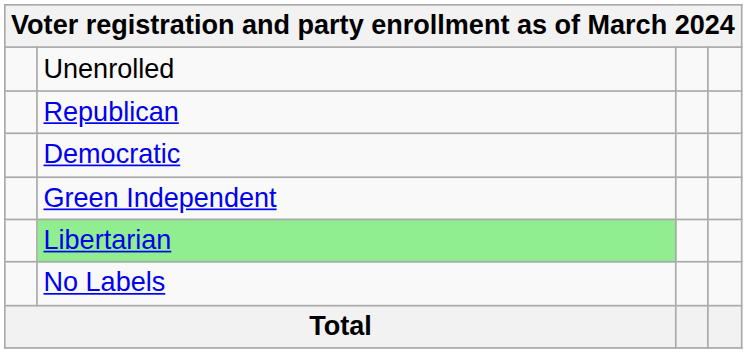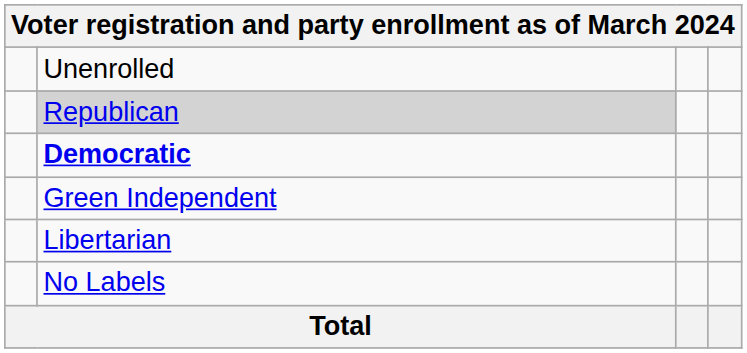 <table class=wikitable>
 <tr>
 <th colspan = 6>Voter registration and party enrollment as of March 2024</th>
 </tr>
 <tr>
 <td></td>
 <td>Unenrolled</td>
 <td align = center></td>
 <td align = center></td>
 </tr>
 <tr>
 <td></td>
-<td><a href='#'>Republican</a></td>
+<td style="background: lightgrey;"><a href='#'>Republican</a></td>
 <td align = center></td>
 <td align = center></td>
 </tr>
 <tr>
 <td></td>
-<td><a href='#'>Democratic</a></td>
+<td><strong><a href='#'>Democratic</a></strong></td>
 <td align = center></td>
 <td align = center></td>
 </tr>
 <tr>
 <td></td>
 <td><a href='#'>Green Independent</a></td>
 <td align = center></td>
 <td align = center></td>
 </tr>
 <tr>
 <td></td>
-<td style="background: lightgreen;"><a href='#'>Libertarian</a></td>
+<td><a href='#'>Libertarian</a></td>
 <td align = center></td>
 <td align = center></td>
 </tr>
 <tr>
 <td></td>
 <td><a href='#'>No Labels</a></td>
 <td align = center></td>
 <td align = center></td>
 </tr>
 <tr>
 <th colspan = 2>Total</th>
 <th align = center></th>
 <th align = center></th>
 </tr>
 </table>
